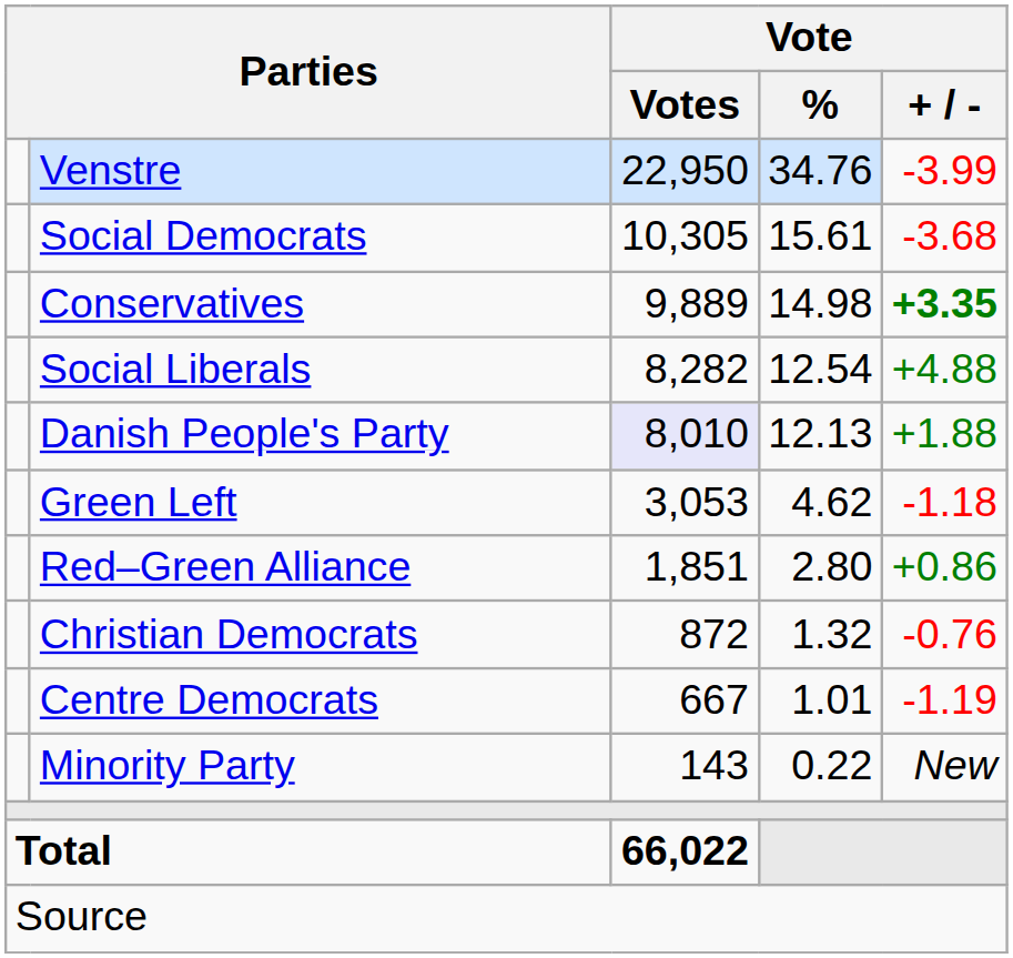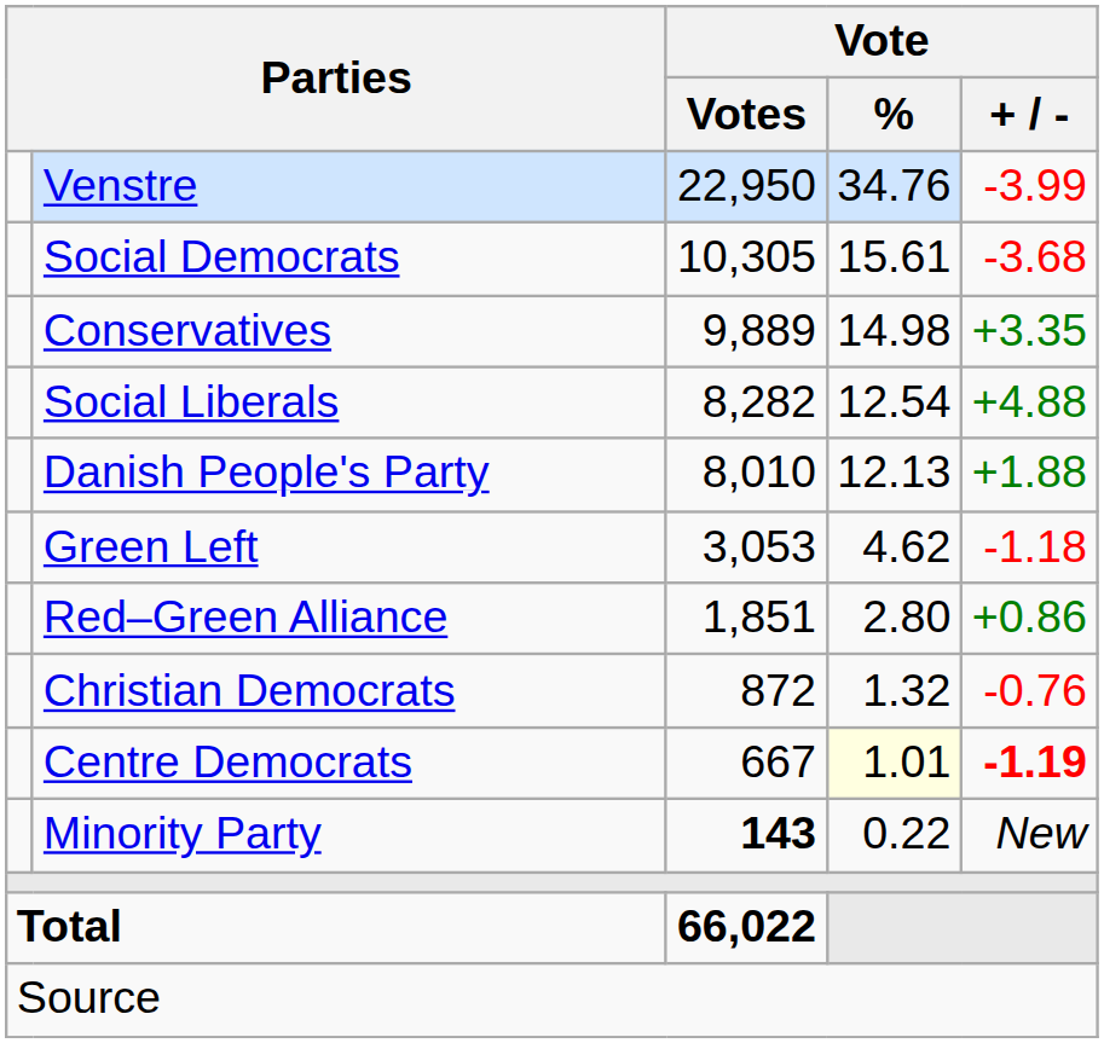 <table class="wikitable" style="text-align:right;">
 <tr>
 <th style="text-align:centre;" rowspan="2" colspan="2" width="225">Parties</th>
 <th colspan="3">Vote</th>
 </tr>
 <tr>
 <th width="15">Votes</th>
 <th width="15">%</th>
 <th width="15">+ / -</th>
 </tr>
 <tr>
 <td width="2" style="color:inherit;background:"></td>
 <td bgcolor=#cfe5fe  align="left"><a href='#'>Venstre</a></td>
 <td bgcolor=#cfe5fe>22,950</td>
 <td bgcolor=#cfe5fe>34.76</td>
 <td style=color:red;>-3.99</td>
 </tr>
 <tr>
 <td width="2" style="color:inherit;background:"></td>
 <td align="left"><a href='#'>Social Democrats</a></td>
 <td>10,305</td>
 <td>15.61</td>
 <td style=color:red;>-3.68</td>
 </tr>
 <tr>
 <td width="2" style="color:inherit;background:"></td>
 <td align="left"><a href='#'>Conservatives</a></td>
 <td>9,889</td>
 <td>14.98</td>
-<td style=color:green;><strong>+3.35</strong></td>
+<td style=color:green;>+3.35</td>
 </tr>
 <tr>
 <td width="2" style="color:inherit;background:"></td>
 <td align="left"><a href='#'>Social Liberals</a></td>
 <td>8,282</td>
 <td>12.54</td>
 <td style=color:green;>+4.88</td>
 </tr>
 <tr>
 <td width="2" style="color:inherit;background:"></td>
 <td align="left"><a href='#'>Danish People's Party</a></td>
-<td style="background: lavender;">8,010</td>
+<td>8,010</td>
 <td>12.13</td>
 <td style=color:green;>+1.88</td>
 </tr>
 <tr>
 <td width="2" style="color:inherit;background:"></td>
 <td align="left"><a href='#'>Green Left</a></td>
 <td>3,053</td>
 <td>4.62</td>
 <td style=color:red;>-1.18</td>
 </tr>
 <tr>
 <td width="2" style="color:inherit;background:"></td>
 <td align="left"><a href='#'>Red–Green Alliance</a></td>
 <td>1,851</td>
 <td>2.80</td>
 <td style=color:green;>+0.86</td>
 </tr>
 <tr>
 <td width="2" style="color:inherit;background:"></td>
 <td align="left"><a href='#'>Christian Democrats</a></td>
 <td>872</td>
 <td>1.32</td>
 <td style=color:red;>-0.76</td>
 </tr>
 <tr>
 <td width="2" style="color:inherit;background:"></td>
 <td align="left"><a href='#'>Centre Democrats</a></td>
 <td>667</td>
-<td>1.01</td>
-<td style=color:red;>-1.19</td>
+<td style="background: lightyellow;">1.01</td>
+<td style=color:red;><strong>-1.19</strong></td>
 </tr>
 <tr>
 <td width="2" style="color:inherit;background:"></td>
 <td align="left"><a href='#'>Minority Party</a></td>
-<td>143</td>
+<td><strong>143</strong></td>
 <td>0.22</td>
 <td><em>New</em></td>
 </tr>
 <tr>
 <td colspan="7" bgcolor="#E9E9E9"></td>
 </tr>
 <tr>
 <td align="left" colspan="2"><strong>Total</strong></td>
 <td><strong>66,022</strong></td>
 <td bgcolor="#E9E9E9" colspan="2"></td>
 </tr>
 <tr>
 <td align="left" colspan="6">Source</td>
 </tr>
 </table>
